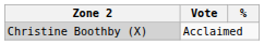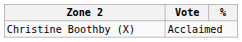 <table class="wikitable">
 <tr>
 <th width="200px">Zone 2</th>
 <th width="50px">Vote</th>
 <th width="30px">%</th>
 </tr>
 <tr>
-<td style="background: lightgrey;">Christine Boothby (X)</td>
+<td>Christine Boothby (X)</td>
 <td colspan="2">Acclaimed</td>
 </tr>
 </table>
